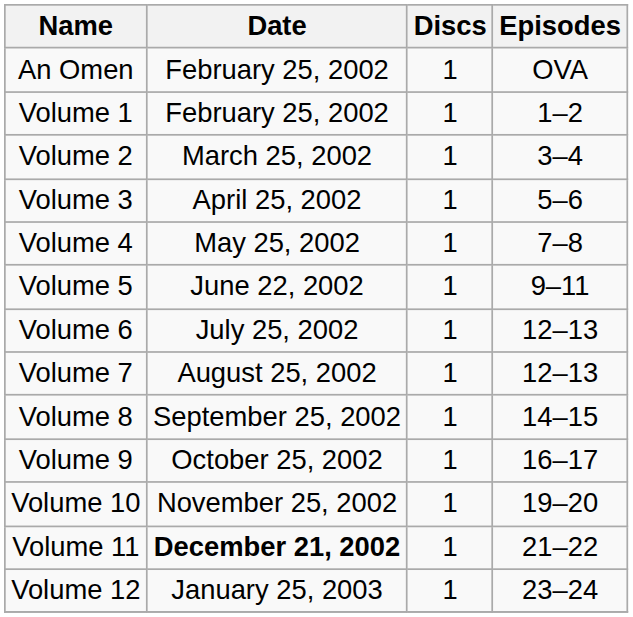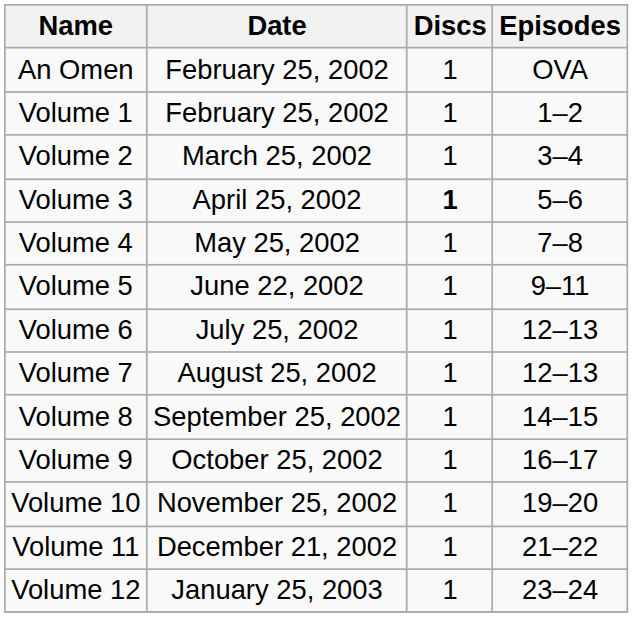 <table class="wikitable" style="text-align:center;">
 <tr>
 <th>Name</th>
 <th>Date</th>
 <th>Discs</th>
 <th>Episodes</th>
 </tr>
 <tr>
 <td>An Omen</td>
 <td>February 25, 2002</td>
 <td>1</td>
 <td>OVA</td>
 </tr>
 <tr>
 <td>Volume 1</td>
 <td>February 25, 2002</td>
 <td>1</td>
 <td>1–2</td>
 </tr>
 <tr>
 <td>Volume 2</td>
 <td>March 25, 2002</td>
 <td>1</td>
 <td>3–4</td>
 </tr>
 <tr>
 <td>Volume 3</td>
 <td>April 25, 2002</td>
-<td>1</td>
+<td><strong>1</strong></td>
 <td>5–6</td>
 </tr>
 <tr>
 <td>Volume 4</td>
 <td>May 25, 2002</td>
 <td>1</td>
 <td>7–8</td>
 </tr>
 <tr>
 <td>Volume 5</td>
 <td>June 22, 2002</td>
 <td>1</td>
 <td>9–11</td>
 </tr>
 <tr>
 <td>Volume 6</td>
 <td>July 25, 2002</td>
 <td>1</td>
 <td>12–13</td>
 </tr>
 <tr>
 <td>Volume 7</td>
 <td>August 25, 2002</td>
 <td>1</td>
 <td>12–13</td>
 </tr>
 <tr>
 <td>Volume 8</td>
 <td>September 25, 2002</td>
 <td>1</td>
 <td>14–15</td>
 </tr>
 <tr>
 <td>Volume 9</td>
 <td>October 25, 2002</td>
 <td>1</td>
 <td>16–17</td>
 </tr>
 <tr>
 <td>Volume 10</td>
 <td>November 25, 2002</td>
 <td>1</td>
 <td>19–20</td>
 </tr>
 <tr>
 <td>Volume 11</td>
-<td><strong>December 21, 2002</strong></td>
+<td>December 21, 2002</td>
 <td>1</td>
 <td>21–22</td>
 </tr>
 <tr>
 <td>Volume 12</td>
 <td>January 25, 2003</td>
 <td>1</td>
 <td>23–24</td>
 </tr>
 <tr>
 </tr>
 </table>
